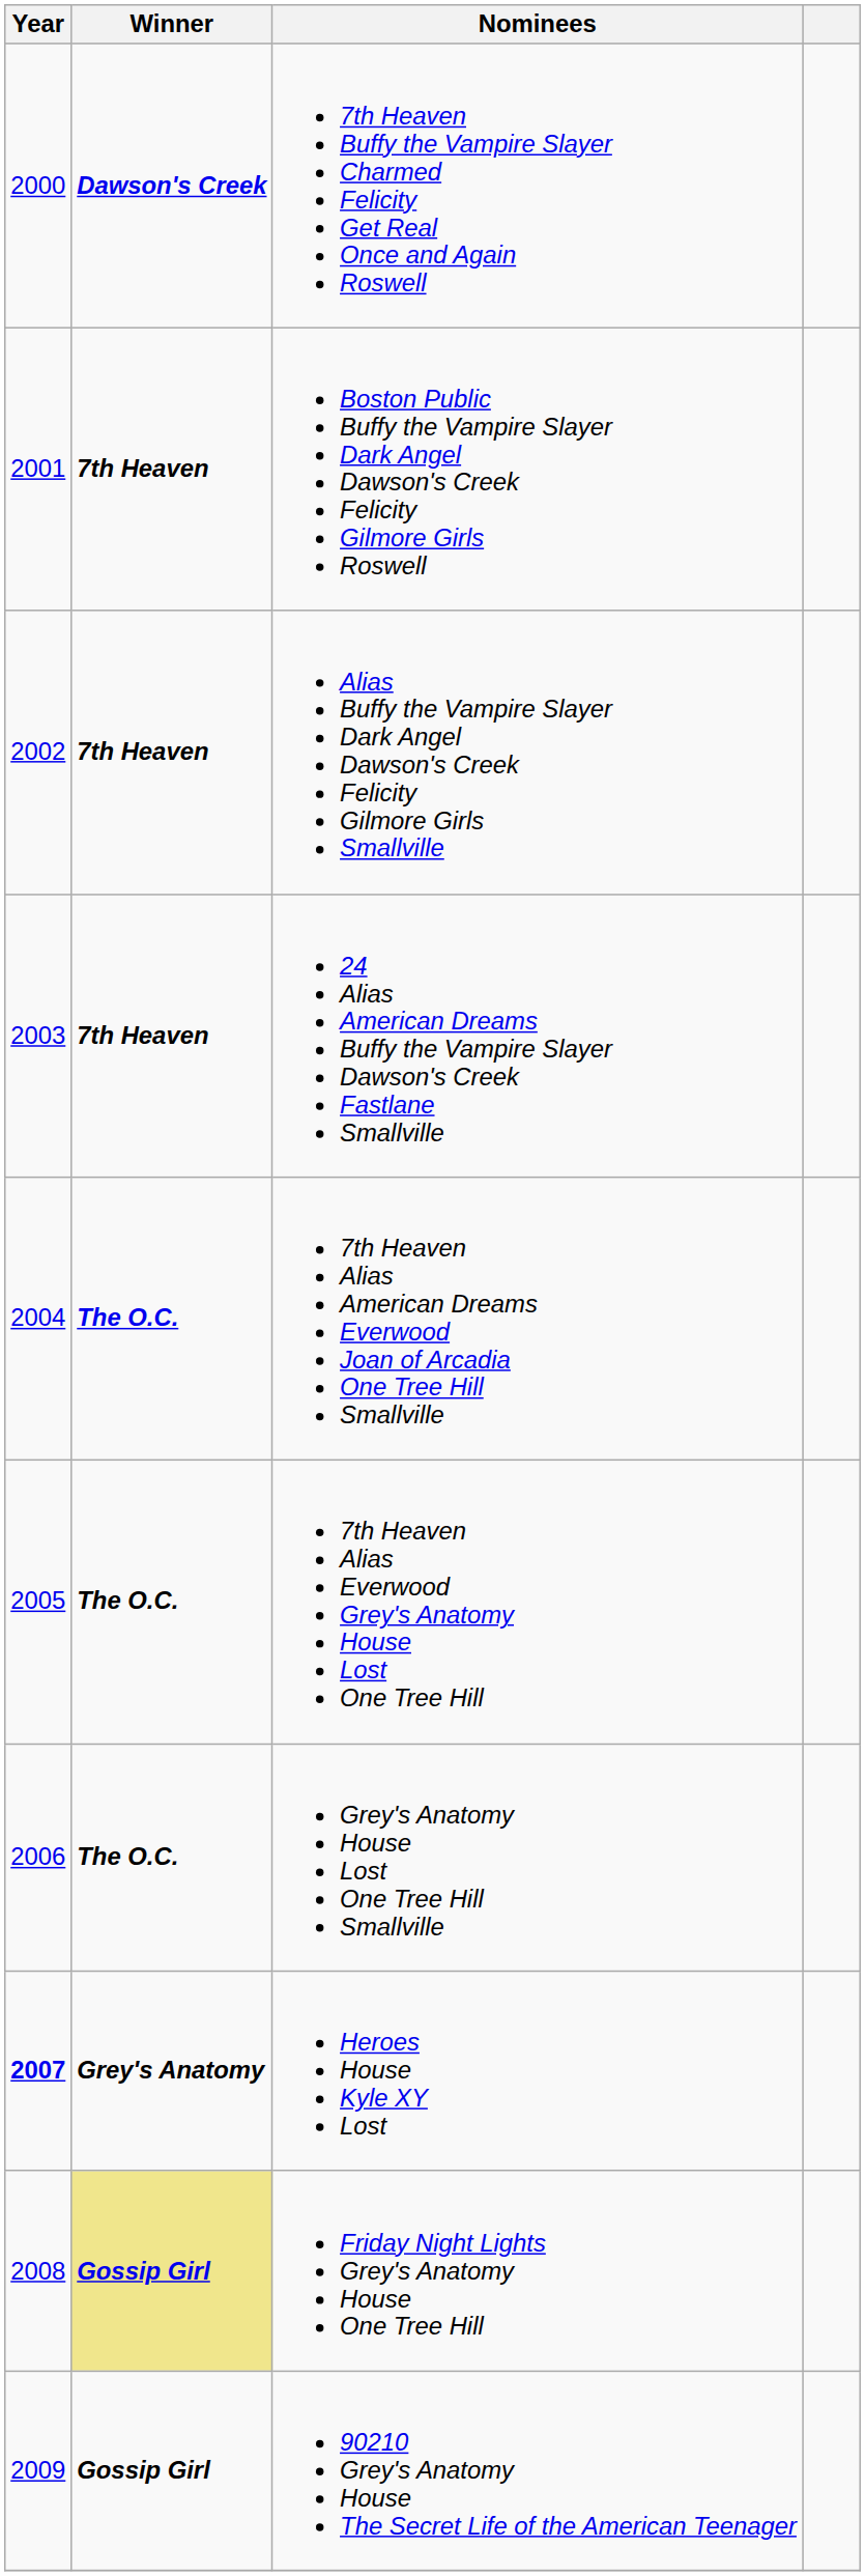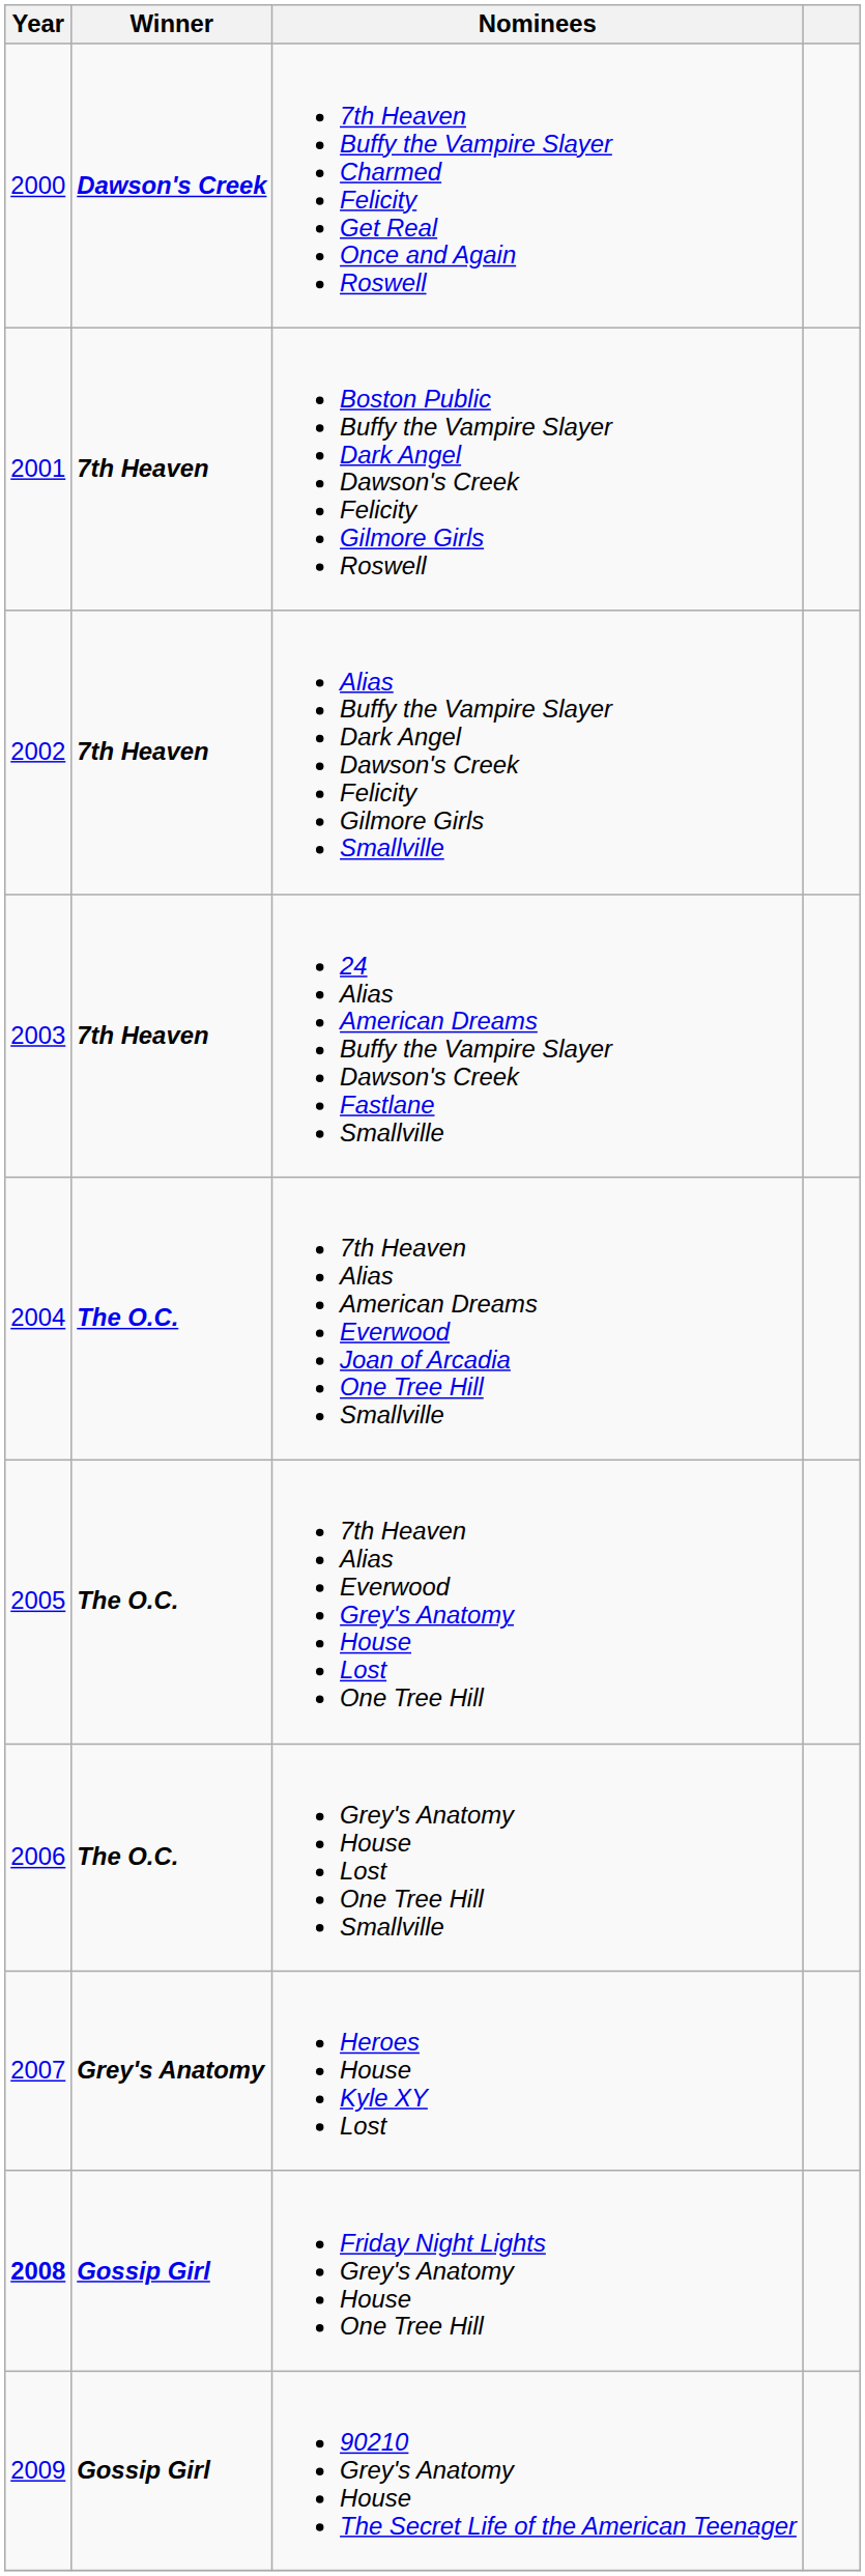 <table class="wikitable">
 <tr>
 <th>Year</th>
 <th>Winner</th>
 <th>Nominees</th>
 <th width="30"></th>
 </tr>
 <tr>
 <td><a href='#'>2000</a></td>
 <td><strong><em><a href='#'>Dawson's Creek</a></em></strong></td>
 <td><br><ul><li><em><a href='#'>7th Heaven</a></em></li><li><em><a href='#'>Buffy the Vampire Slayer</a></em></li><li><em><a href='#'>Charmed</a></em></li><li><em><a href='#'>Felicity</a></em></li><li><em><a href='#'>Get Real</a></em></li><li><em><a href='#'>Once and Again</a></em></li><li><em><a href='#'>Roswell</a></em></li></ul></td>
 <td style="text-align: center;"></td>
 </tr>
 <tr>
 <td><a href='#'>2001</a></td>
 <td><strong><em>7th Heaven</em></strong></td>
 <td><br><ul><li><em><a href='#'>Boston Public</a></em></li><li><em>Buffy the Vampire Slayer</em></li><li><em><a href='#'>Dark Angel</a></em></li><li><em>Dawson's Creek</em></li><li><em>Felicity</em></li><li><em><a href='#'>Gilmore Girls</a></em></li><li><em>Roswell</em></li></ul></td>
 <td style="text-align: center;"></td>
 </tr>
 <tr>
 <td><a href='#'>2002</a></td>
 <td><strong><em>7th Heaven</em></strong></td>
 <td><br><ul><li><em><a href='#'>Alias</a></em></li><li><em>Buffy the Vampire Slayer</em></li><li><em>Dark Angel</em></li><li><em>Dawson's Creek</em></li><li><em>Felicity</em></li><li><em>Gilmore Girls</em></li><li><em><a href='#'>Smallville</a></em></li></ul></td>
 <td style="text-align: center;"></td>
 </tr>
 <tr>
 <td><a href='#'>2003</a></td>
 <td><strong><em>7th Heaven</em></strong></td>
 <td><br><ul><li><em><a href='#'>24</a></em></li><li><em>Alias</em></li><li><em><a href='#'>American Dreams</a></em></li><li><em>Buffy the Vampire Slayer</em></li><li><em>Dawson's Creek</em></li><li><em><a href='#'>Fastlane</a></em></li><li><em>Smallville</em></li></ul></td>
 <td style="text-align: center;"></td>
 </tr>
 <tr>
 <td><a href='#'>2004</a></td>
 <td><strong><em><a href='#'>The O.C.</a></em></strong></td>
 <td><br><ul><li><em>7th Heaven</em></li><li><em>Alias</em></li><li><em>American Dreams</em></li><li><em><a href='#'>Everwood</a></em></li><li><em><a href='#'>Joan of Arcadia</a></em></li><li><em><a href='#'>One Tree Hill</a></em></li><li><em>Smallville</em></li></ul></td>
 <td style="text-align: center;"></td>
 </tr>
 <tr>
 <td><a href='#'>2005</a></td>
 <td><strong><em>The O.C.</em></strong></td>
 <td><br><ul><li><em>7th Heaven</em></li><li><em>Alias</em></li><li><em>Everwood</em></li><li><em><a href='#'>Grey's Anatomy</a></em></li><li><em><a href='#'>House</a></em></li><li><em><a href='#'>Lost</a></em></li><li><em>One Tree Hill</em></li></ul></td>
 <td style="text-align: center;"></td>
 </tr>
 <tr>
 <td><a href='#'>2006</a></td>
 <td><strong><em>The O.C.</em></strong></td>
 <td><br><ul><li><em>Grey's Anatomy</em></li><li><em>House</em></li><li><em>Lost</em></li><li><em>One Tree Hill</em></li><li><em>Smallville</em></li></ul></td>
 <td style="text-align: center;"></td>
 </tr>
 <tr>
-<td><strong><a href='#'>2007</a></strong></td>
+<td><a href='#'>2007</a></td>
 <td><strong><em>Grey's Anatomy</em></strong></td>
 <td><br><ul><li><em><a href='#'>Heroes</a></em></li><li><em>House</em></li><li><em><a href='#'>Kyle XY</a></em></li><li><em>Lost</em></li></ul></td>
 <td style="text-align: center;"></td>
 </tr>
 <tr>
-<td><a href='#'>2008</a></td>
-<td style="background: khaki;"><strong><em><a href='#'>Gossip Girl</a></em></strong></td>
+<td><strong><a href='#'>2008</a></strong></td>
+<td><strong><em><a href='#'>Gossip Girl</a></em></strong></td>
 <td><br><ul><li><em><a href='#'>Friday Night Lights</a></em></li><li><em>Grey's Anatomy</em></li><li><em>House</em></li><li><em>One Tree Hill</em></li></ul></td>
 <td style="text-align: center;"></td>
 </tr>
 <tr>
 <td><a href='#'>2009</a></td>
 <td><strong><em>Gossip Girl</em></strong></td>
 <td><br><ul><li><em><a href='#'>90210</a></em></li><li><em>Grey's Anatomy</em></li><li><em>House</em></li><li><em><a href='#'>The Secret Life of the American Teenager</a></em></li></ul></td>
 <td></td>
 </tr>
 <tr>
 </tr>
 </table>
